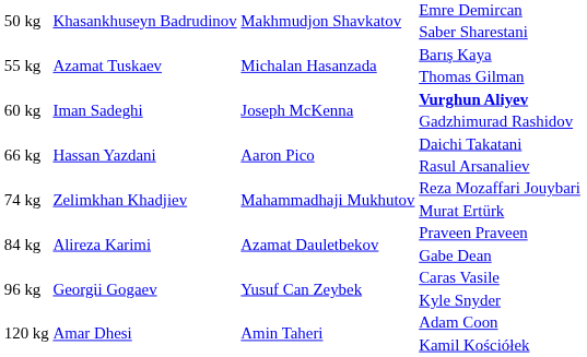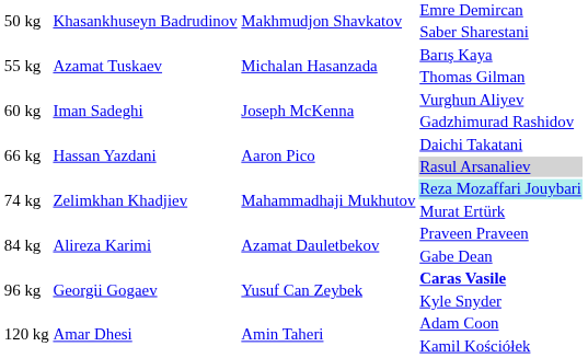 <table>
 <tr>
 <td rowspan=2>50 kg</td>
 <td rowspan=2> <a href='#'>Khasankhuseyn Badrudinov</a></td>
 <td rowspan=2> <a href='#'>Makhmudjon Shavkatov</a></td>
 <td> <a href='#'>Emre Demircan</a></td>
 </tr>
 <tr>
 <td><a href='#'>Saber Sharestani</a></td>
 </tr>
 <tr>
 <td rowspan=2>55 kg</td>
 <td rowspan=2> <a href='#'>Azamat Tuskaev</a></td>
 <td rowspan=2> <a href='#'>Michalan Hasanzada</a></td>
 <td> <a href='#'>Barış Kaya</a></td>
 </tr>
 <tr>
 <td> <a href='#'>Thomas Gilman</a></td>
 </tr>
 <tr>
 <td rowspan=2>60 kg</td>
 <td rowspan=2> <a href='#'>Iman Sadeghi</a></td>
 <td rowspan=2> <a href='#'>Joseph McKenna</a></td>
-<td><strong> <a href='#'>Vurghun Aliyev</a></strong></td>
+<td> <a href='#'>Vurghun Aliyev</a></td>
 </tr>
 <tr>
 <td> <a href='#'>Gadzhimurad Rashidov</a></td>
 </tr>
 <tr>
 <td rowspan=2>66 kg</td>
 <td rowspan=2> <a href='#'>Hassan Yazdani</a></td>
 <td rowspan=2> <a href='#'>Aaron Pico</a></td>
 <td> <a href='#'>Daichi Takatani</a></td>
 </tr>
 <tr>
-<td> <a href='#'>Rasul Arsanaliev</a></td>
+<td style="background: lightgrey;"> <a href='#'>Rasul Arsanaliev</a></td>
 </tr>
 <tr>
 <td rowspan=2>74 kg</td>
 <td rowspan=2> <a href='#'>Zelimkhan Khadjiev</a></td>
 <td rowspan=2> <a href='#'>Mahammadhaji Mukhutov</a></td>
-<td> <a href='#'>Reza Mozaffari Jouybari</a></td>
+<td style="background: paleturquoise;"> <a href='#'>Reza Mozaffari Jouybari</a></td>
 </tr>
 <tr>
 <td> <a href='#'>Murat Ertürk</a></td>
 </tr>
 <tr>
 <td rowspan=2>84 kg</td>
 <td rowspan=2> <a href='#'>Alireza Karimi</a></td>
 <td rowspan=2> <a href='#'>Azamat Dauletbekov</a></td>
 <td> <a href='#'>Praveen Praveen</a></td>
 </tr>
 <tr>
 <td> <a href='#'>Gabe Dean</a></td>
 </tr>
 <tr>
 <td rowspan=2>96 kg</td>
 <td rowspan=2> <a href='#'>Georgii Gogaev</a></td>
 <td rowspan=2> <a href='#'>Yusuf Can Zeybek</a></td>
-<td> <a href='#'>Caras Vasile</a></td>
+<td><strong> <a href='#'>Caras Vasile</a></strong></td>
 </tr>
 <tr>
 <td> <a href='#'>Kyle Snyder</a></td>
 </tr>
 <tr>
 <td rowspan=2>120 kg</td>
 <td rowspan=2> <a href='#'>Amar Dhesi</a></td>
 <td rowspan=2> <a href='#'>Amin Taheri</a></td>
 <td> <a href='#'>Adam Coon</a></td>
 </tr>
 <tr>
 <td> <a href='#'>Kamil Kościółek</a></td>
 </tr>
 </table>
